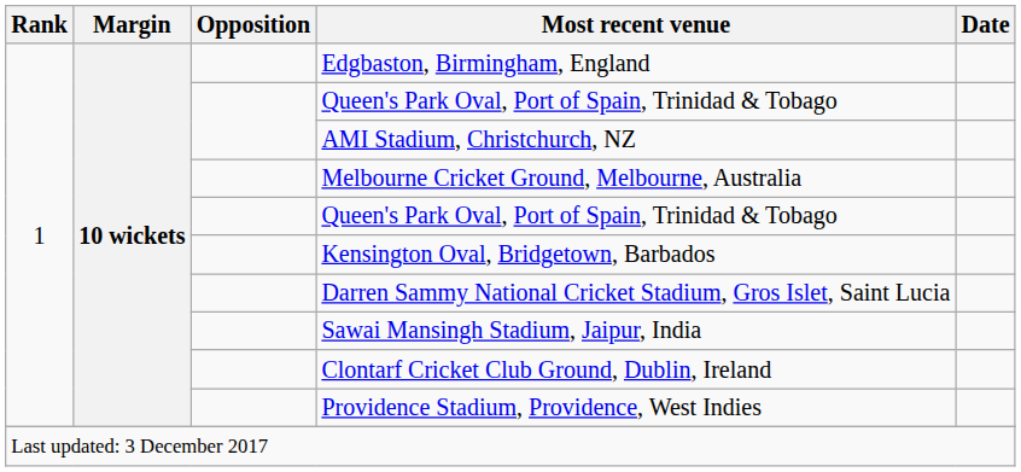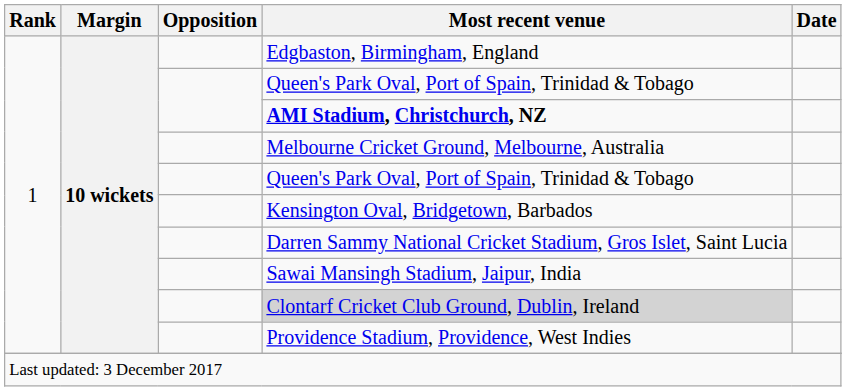 <table class="wikitable plainrowheaders sortable">
 <tr>
 <th scope=col>Rank</th>
 <th scope=col>Margin</th>
 <th scope=col>Opposition</th>
 <th scope=col>Most recent venue</th>
 <th scope=col>Date</th>
 </tr>
 <tr>
 <td align=center rowspan=10>1</td>
 <th scope=row style=text-align:center rowspan=10>10 wickets</th>
 <td></td>
 <td><a href='#'>Edgbaston</a>, <a href='#'>Birmingham</a>, England</td>
 <td> </td>
 </tr>
 <tr>
 <td rowspan=2></td>
 <td><a href='#'>Queen's Park Oval</a>, <a href='#'>Port of Spain</a>, Trinidad & Tobago</td>
 <td></td>
 </tr>
 <tr>
-<td><a href='#'>AMI Stadium</a>, <a href='#'>Christchurch</a>, NZ</td>
+<td><strong><a href='#'>AMI Stadium</a>, <a href='#'>Christchurch</a>, NZ</strong></td>
 <td></td>
 </tr>
 <tr>
 <td></td>
 <td><a href='#'>Melbourne Cricket Ground</a>, <a href='#'>Melbourne</a>, Australia</td>
 <td> </td>
 </tr>
 <tr>
 <td></td>
 <td><a href='#'>Queen's Park Oval</a>, <a href='#'>Port of Spain</a>, Trinidad & Tobago</td>
 <td></td>
 </tr>
 <tr>
 <td></td>
 <td><a href='#'>Kensington Oval</a>, <a href='#'>Bridgetown</a>, Barbados</td>
 <td></td>
 </tr>
 <tr>
 <td></td>
 <td><a href='#'>Darren Sammy National Cricket Stadium</a>, <a href='#'>Gros Islet</a>, Saint Lucia</td>
 <td></td>
 </tr>
 <tr>
 <td></td>
 <td><a href='#'>Sawai Mansingh Stadium</a>, <a href='#'>Jaipur</a>, India</td>
 <td></td>
 </tr>
 <tr>
 <td></td>
-<td><a href='#'>Clontarf Cricket Club Ground</a>, <a href='#'>Dublin</a>, Ireland</td>
+<td style="background: lightgrey;"><a href='#'>Clontarf Cricket Club Ground</a>, <a href='#'>Dublin</a>, Ireland</td>
 <td></td>
 </tr>
 <tr>
 <td></td>
 <td><a href='#'>Providence Stadium</a>, <a href='#'>Providence</a>, West Indies</td>
 <td></td>
 </tr>
 <tr>
 </tr>
 <tr class=sortbottom>
 <td colspan=5><small>Last updated: 3 December 2017</small></td>
 </tr>
 </table>
